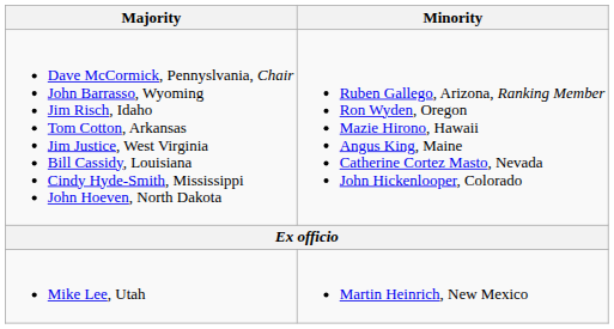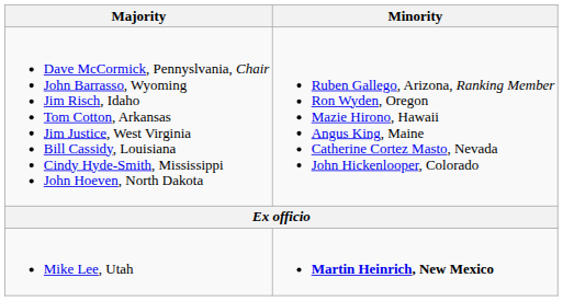 <table class=wikitable>
 <tr>
 <th>Majority</th>
 <th>Minority</th>
 </tr>
 <tr>
 <td><br><ul><li><a href='#'>Dave McCormick</a>, Pennyslvania, <em>Chair</em></li><li><a href='#'>John Barrasso</a>, Wyoming</li><li><a href='#'>Jim Risch</a>, Idaho</li><li><a href='#'>Tom Cotton</a>, Arkansas</li><li><a href='#'>Jim Justice</a>, West Virginia</li><li><a href='#'>Bill Cassidy</a>, Louisiana</li><li><a href='#'>Cindy Hyde-Smith</a>, Mississippi</li><li><a href='#'>John Hoeven</a>, North Dakota</li></ul></td>
 <td><br><ul><li><a href='#'>Ruben Gallego</a>, Arizona, <em>Ranking Member</em></li><li><a href='#'>Ron Wyden</a>, Oregon</li><li><a href='#'>Mazie Hirono</a>, Hawaii</li><li><span><a href='#'>Angus King</a>, Maine</span></li><li><a href='#'>Catherine Cortez Masto</a>, Nevada</li><li><a href='#'>John Hickenlooper</a>, Colorado</li></ul></td>
 </tr>
 <tr>
 <th colspan=2><em>Ex officio</em></th>
 </tr>
 <tr>
 <td><br><ul><li><a href='#'>Mike Lee</a>, Utah</li></ul></td>
-<td><br><ul><li><a href='#'>Martin Heinrich</a>, New Mexico</li></ul></td>
+<td><strong><br><ul><li><a href='#'>Martin Heinrich</a>, New Mexico</li></ul></strong></td>
 </tr>
 </table>
